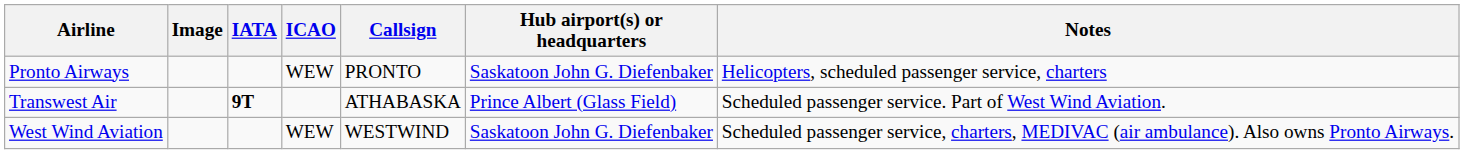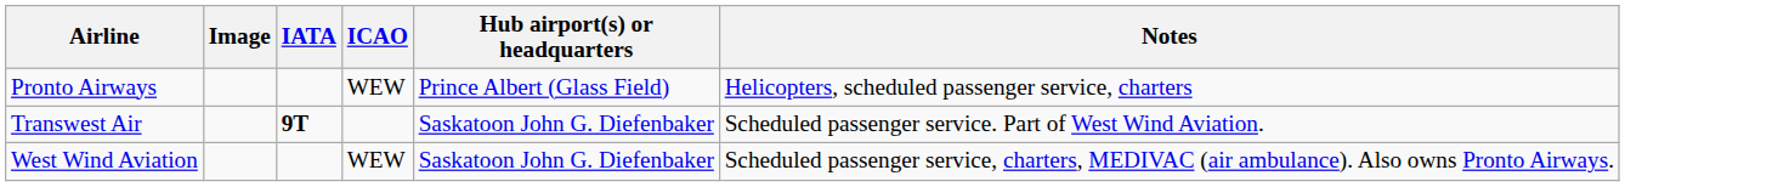 <table class="wikitable sortable" style="border: 0; cellpadding: 2; cellspacing: 3;">
 <tr style="vertical-align:middle;">
 <th>Airline</th>
 <th>Image</th>
 <th><a href='#'>IATA</a></th>
 <th><a href='#'>ICAO</a></th>
-<th><a href='#'>Callsign</a></th>
 <th>Hub airport(s) or<br>headquarters</th>
 <th class="unsortable">Notes</th>
 </tr>
 <tr>
 <td><a href='#'>Pronto Airways</a></td>
 <td></td>
 <td></td>
 <td>WEW</td>
-<td>PRONTO</td>
-<td><a href='#'>Saskatoon John G. Diefenbaker</a></td>
+<td><a href='#'>Prince Albert (Glass Field)</a></td>
 <td><a href='#'>Helicopters</a>, scheduled passenger service, <a href='#'>charters</a></td>
 </tr>
 <tr>
 <td><a href='#'>Transwest Air</a></td>
 <td></td>
 <td><strong>9T</strong></td>
 <td></td>
-<td>ATHABASKA</td>
-<td><a href='#'>Prince Albert (Glass Field)</a></td>
+<td><a href='#'>Saskatoon John G. Diefenbaker</a></td>
 <td>Scheduled passenger service. Part of <a href='#'>West Wind Aviation</a>.</td>
 </tr>
 <tr>
 <td><a href='#'>West Wind Aviation</a></td>
 <td></td>
 <td></td>
 <td>WEW</td>
-<td>WESTWIND</td>
 <td><a href='#'>Saskatoon John G. Diefenbaker</a></td>
 <td>Scheduled passenger service, <a href='#'>charters</a>, <a href='#'>MEDIVAC</a> (<a href='#'>air ambulance</a>). Also owns <a href='#'>Pronto Airways</a>.</td>
 </tr>
 </table>
